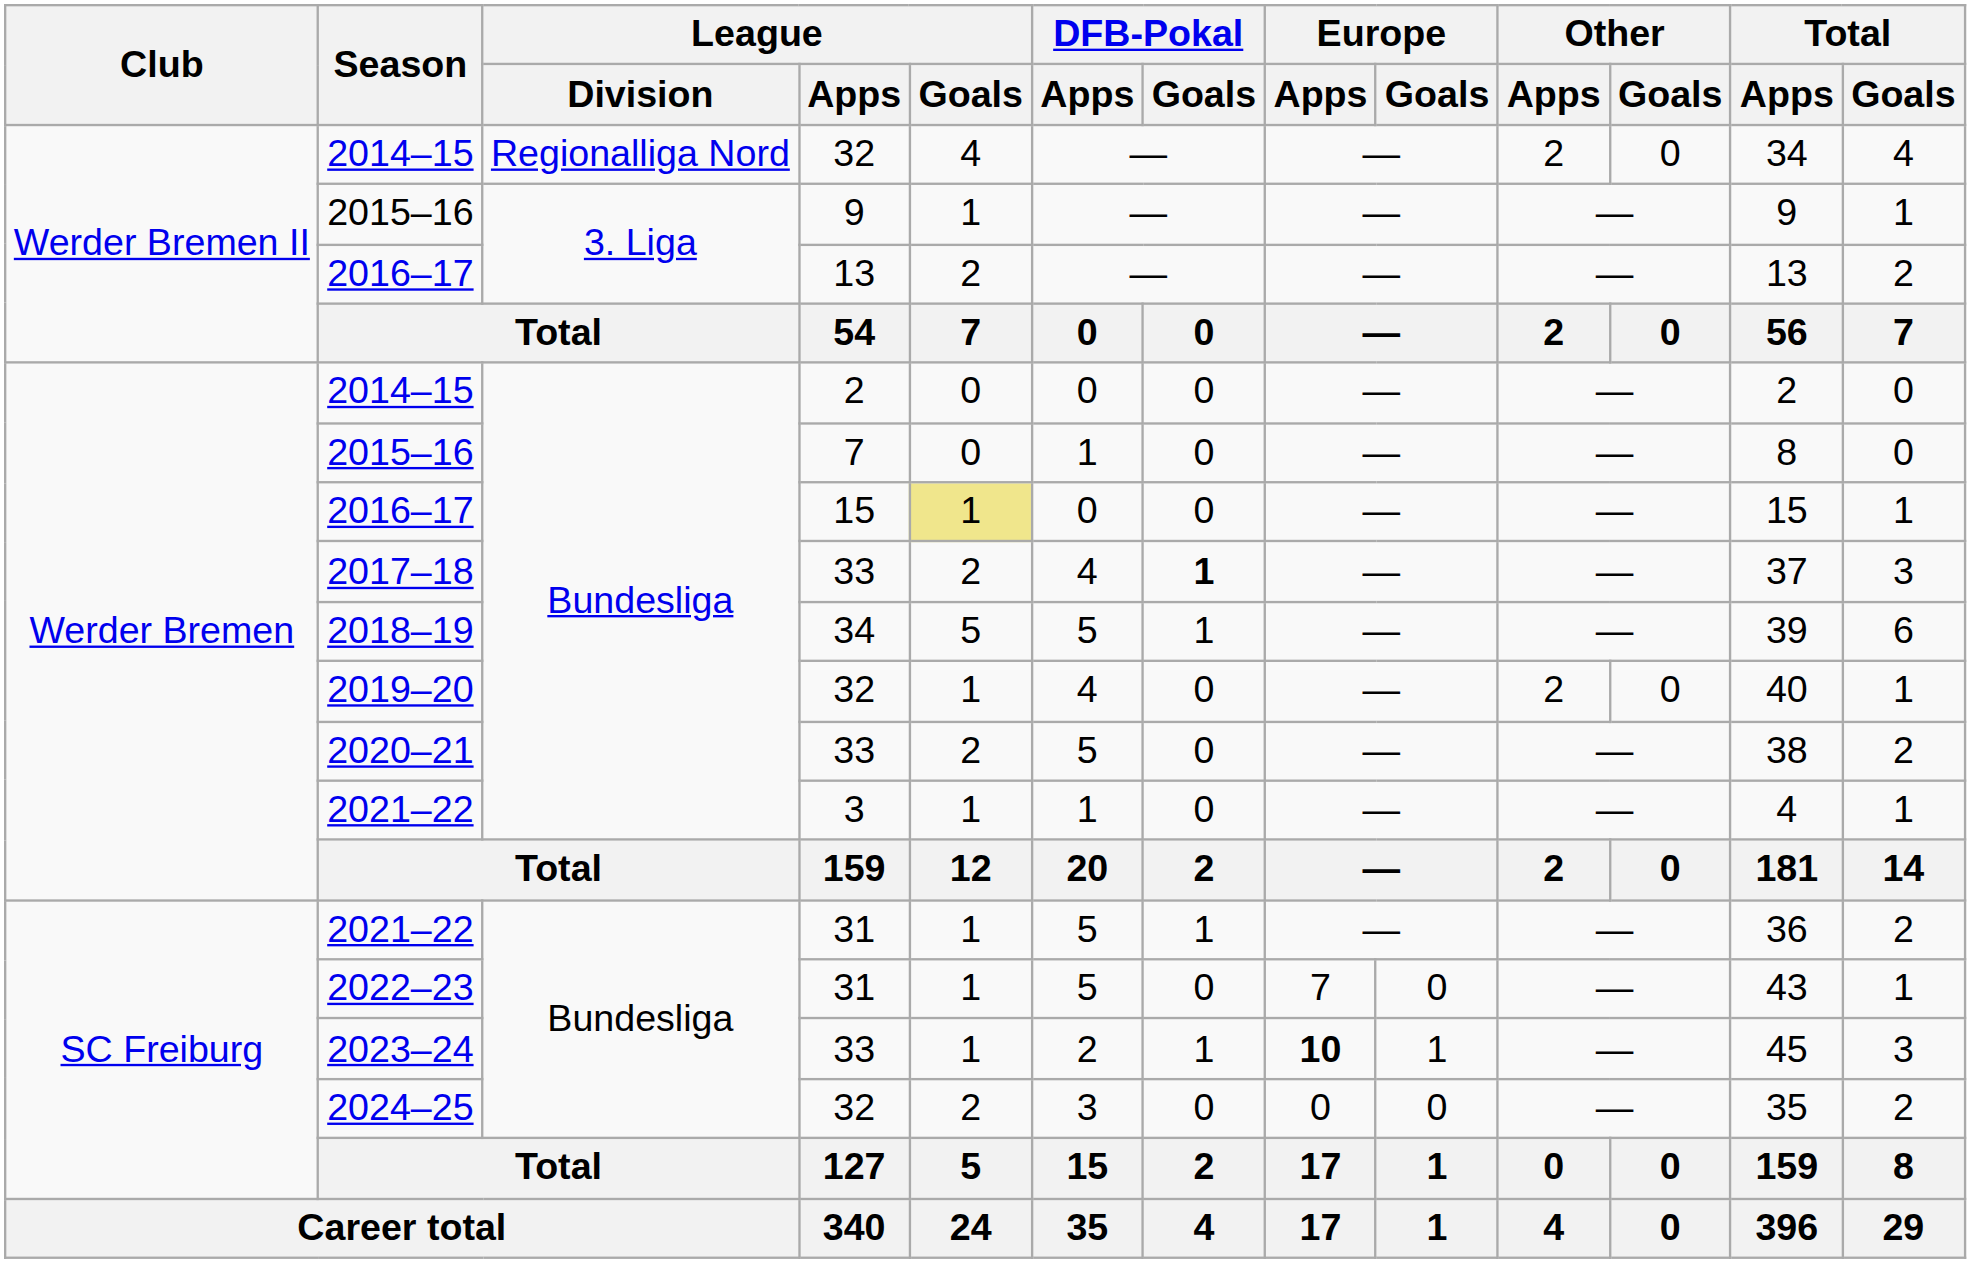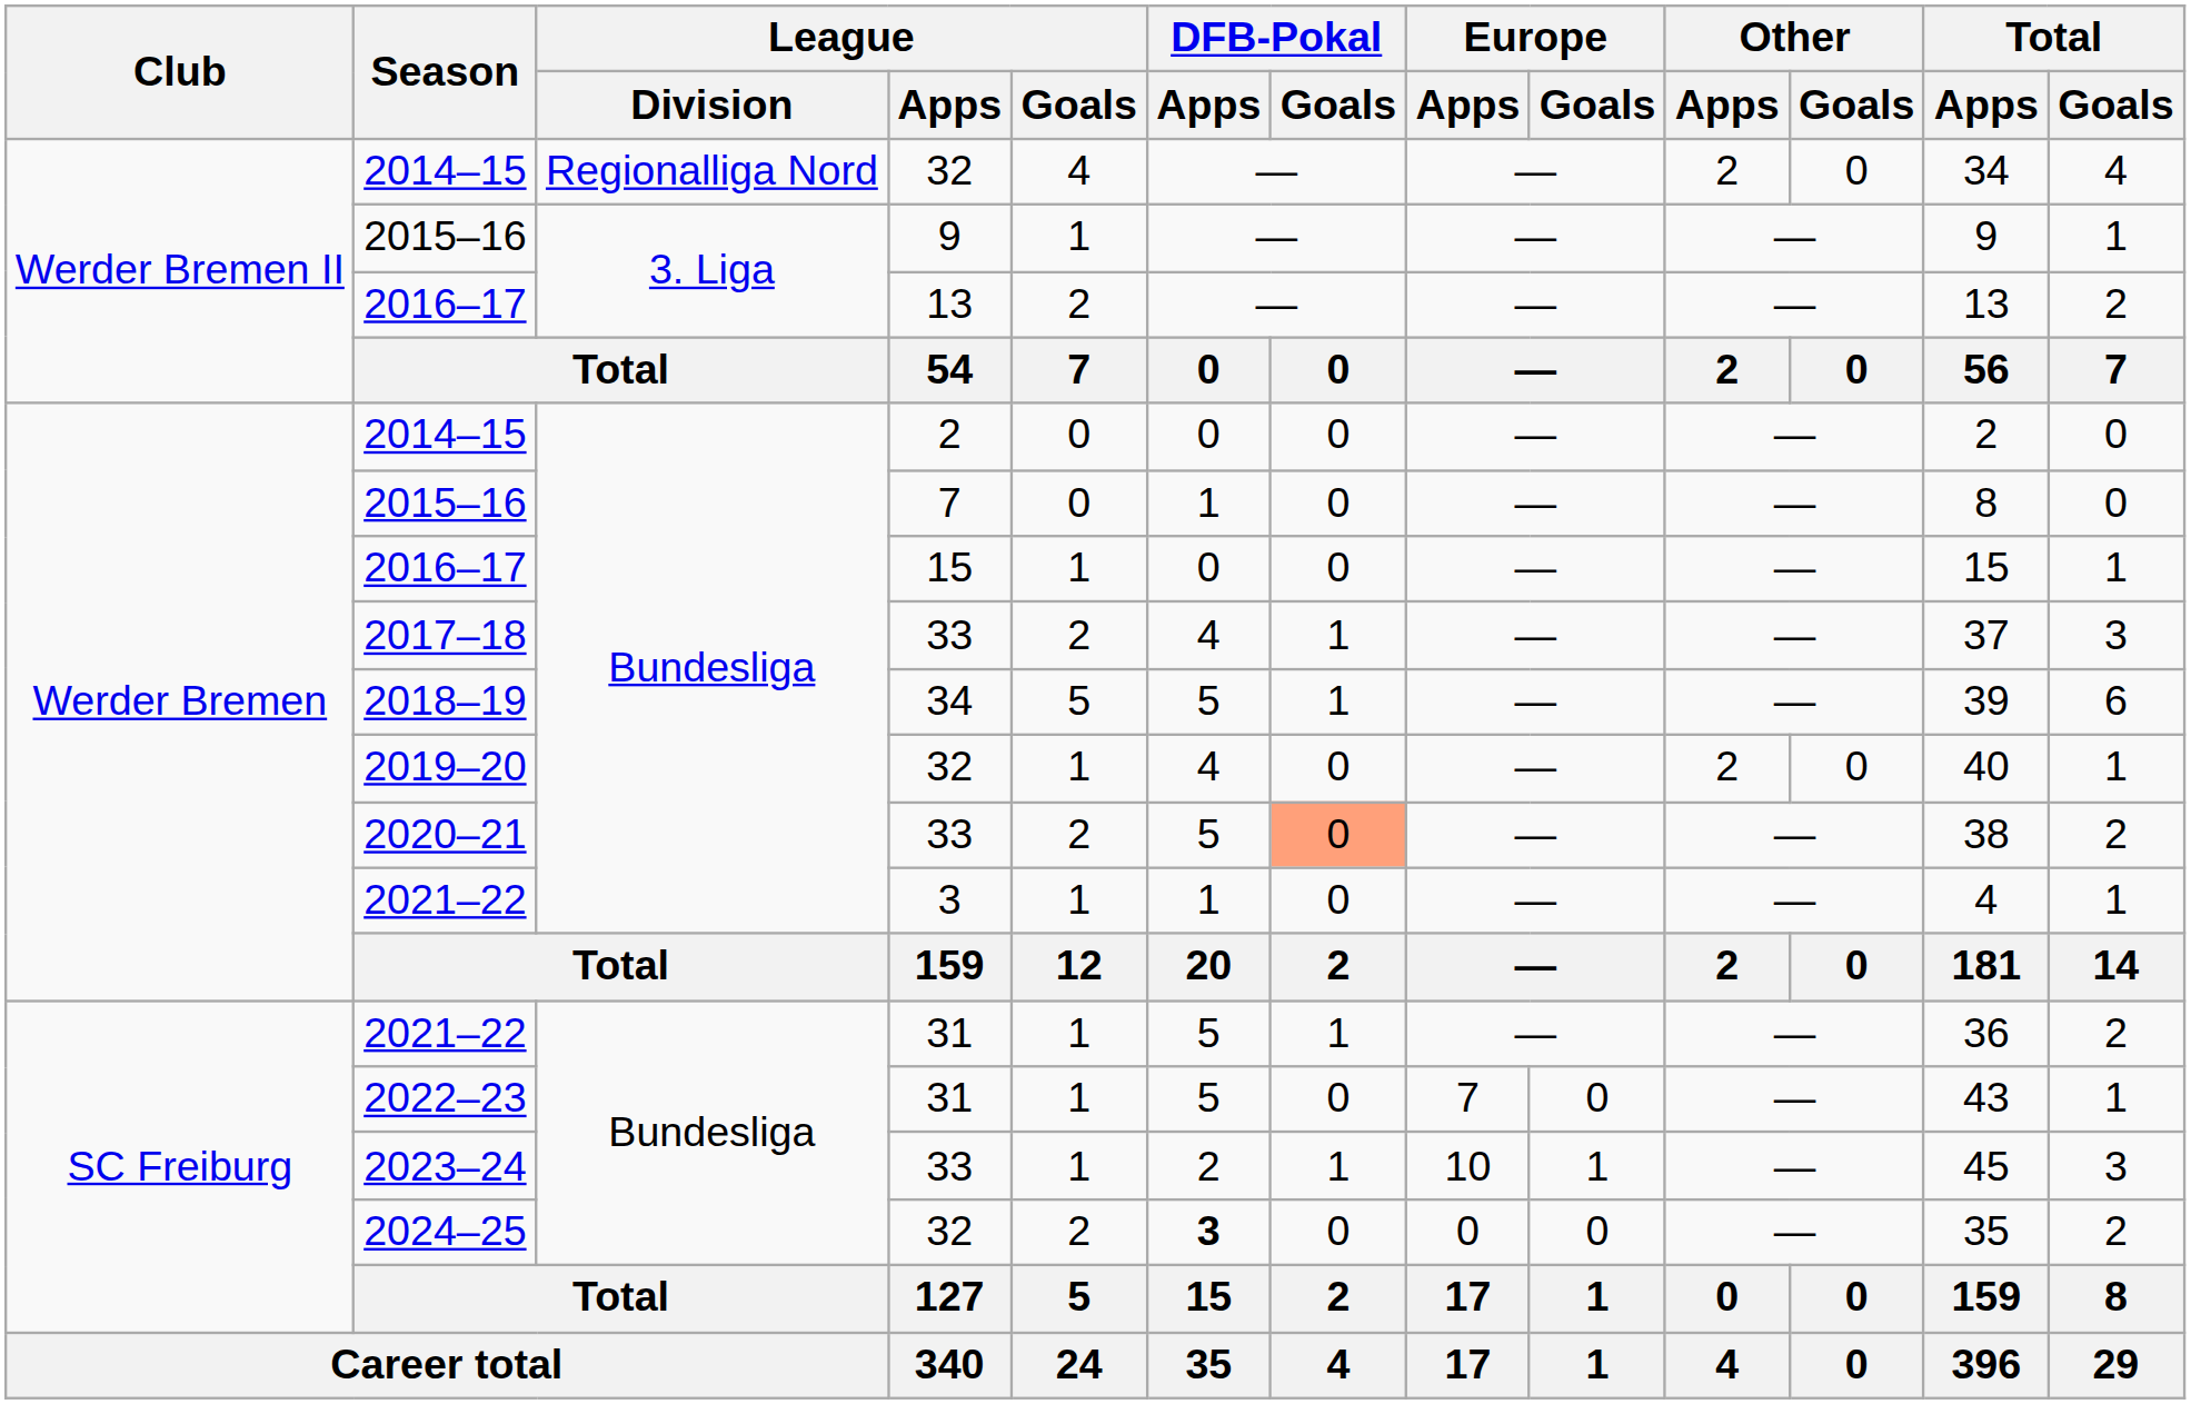 <table class="wikitable" style="text-align: center">
 <tr>
 <th rowspan="2">Club</th>
 <th rowspan="2">Season</th>
 <th colspan="3">League</th>
 <th colspan="2"><a href='#'>DFB-Pokal</a></th>
 <th colspan="2">Europe</th>
 <th colspan="2">Other</th>
 <th colspan="2">Total</th>
 </tr>
 <tr>
 <th>Division</th>
 <th>Apps</th>
 <th>Goals</th>
 <th>Apps</th>
 <th>Goals</th>
 <th>Apps</th>
 <th>Goals</th>
 <th>Apps</th>
 <th>Goals</th>
 <th>Apps</th>
 <th>Goals</th>
 </tr>
 <tr>
 <td rowspan="4"><a href='#'>Werder Bremen II</a></td>
 <td><a href='#'>2014–15</a></td>
 <td><a href='#'>Regionalliga Nord</a></td>
 <td>32</td>
 <td>4</td>
 <td colspan="2">—</td>
 <td colspan="2">—</td>
 <td>2</td>
 <td>0</td>
 <td>34</td>
 <td>4</td>
 </tr>
 <tr>
 <td>2015–16</td>
 <td rowspan="2"><a href='#'>3. Liga</a></td>
 <td>9</td>
 <td>1</td>
 <td colspan="2">—</td>
 <td colspan="2">—</td>
 <td colspan="2">—</td>
 <td>9</td>
 <td>1</td>
 </tr>
 <tr>
 <td><a href='#'>2016–17</a></td>
 <td>13</td>
 <td>2</td>
 <td colspan="2">—</td>
 <td colspan="2">—</td>
 <td colspan="2">—</td>
 <td>13</td>
 <td>2</td>
 </tr>
 <tr>
 <th colspan="2">Total</th>
 <th>54</th>
 <th>7</th>
 <th>0</th>
 <th>0</th>
 <th colspan="2">—</th>
 <th>2</th>
 <th>0</th>
 <th>56</th>
 <th>7</th>
 </tr>
 <tr>
 <td rowspan="9"><a href='#'>Werder Bremen</a></td>
 <td><a href='#'>2014–15</a></td>
 <td rowspan="8"><a href='#'>Bundesliga</a></td>
 <td>2</td>
 <td>0</td>
 <td>0</td>
 <td>0</td>
 <td colspan="2">—</td>
 <td colspan="2">—</td>
 <td>2</td>
 <td>0</td>
 </tr>
 <tr>
 <td><a href='#'>2015–16</a></td>
 <td>7</td>
 <td>0</td>
 <td>1</td>
 <td>0</td>
 <td colspan="2">—</td>
 <td colspan="2">—</td>
 <td>8</td>
 <td>0</td>
 </tr>
 <tr>
 <td><a href='#'>2016–17</a></td>
 <td>15</td>
-<td style="background: khaki;">1</td>
+<td>1</td>
 <td>0</td>
 <td>0</td>
 <td colspan="2">—</td>
 <td colspan="2">—</td>
 <td>15</td>
 <td>1</td>
 </tr>
 <tr>
 <td><a href='#'>2017–18</a></td>
 <td>33</td>
 <td>2</td>
 <td>4</td>
-<td><strong>1</strong></td>
+<td>1</td>
 <td colspan="2">—</td>
 <td colspan="2">—</td>
 <td>37</td>
 <td>3</td>
 </tr>
 <tr>
 <td><a href='#'>2018–19</a></td>
 <td>34</td>
 <td>5</td>
 <td>5</td>
 <td>1</td>
 <td colspan="2">—</td>
 <td colspan="2">—</td>
 <td>39</td>
 <td>6</td>
 </tr>
 <tr>
 <td><a href='#'>2019–20</a></td>
 <td>32</td>
 <td>1</td>
 <td>4</td>
 <td>0</td>
 <td colspan="2">—</td>
 <td>2</td>
 <td>0</td>
 <td>40</td>
 <td>1</td>
 </tr>
 <tr>
 <td><a href='#'>2020–21</a></td>
 <td>33</td>
 <td>2</td>
 <td>5</td>
-<td>0</td>
+<td style="background: lightsalmon;">0</td>
 <td colspan="2">—</td>
 <td colspan="2">—</td>
 <td>38</td>
 <td>2</td>
 </tr>
 <tr>
 <td><a href='#'>2021–22</a></td>
 <td>3</td>
 <td>1</td>
 <td>1</td>
 <td>0</td>
 <td colspan="2">—</td>
 <td colspan="2">—</td>
 <td>4</td>
 <td>1</td>
 </tr>
 <tr>
 <th colspan="2">Total</th>
 <th>159</th>
 <th>12</th>
 <th>20</th>
 <th>2</th>
 <th colspan="2">—</th>
 <th>2</th>
 <th>0</th>
 <th>181</th>
 <th>14</th>
 </tr>
 <tr>
 <td rowspan="5"><a href='#'>SC Freiburg</a></td>
 <td><a href='#'>2021–22</a></td>
 <td rowspan="4">Bundesliga</td>
 <td>31</td>
 <td>1</td>
 <td>5</td>
 <td>1</td>
 <td colspan="2">—</td>
 <td colspan="2">—</td>
 <td>36</td>
 <td>2</td>
 </tr>
 <tr>
 <td><a href='#'>2022–23</a></td>
 <td>31</td>
 <td>1</td>
 <td>5</td>
 <td>0</td>
 <td>7</td>
 <td>0</td>
 <td colspan="2">—</td>
 <td>43</td>
 <td>1</td>
 </tr>
 <tr>
 <td><a href='#'>2023–24</a></td>
 <td>33</td>
 <td>1</td>
 <td>2</td>
 <td>1</td>
-<td><strong>10</strong></td>
+<td>10</td>
 <td>1</td>
 <td colspan="2">—</td>
 <td>45</td>
 <td>3</td>
 </tr>
 <tr>
 <td><a href='#'>2024–25</a></td>
 <td>32</td>
 <td>2</td>
-<td>3</td>
+<td><strong>3</strong></td>
 <td>0</td>
 <td>0</td>
 <td>0</td>
 <td colspan="2">—</td>
 <td>35</td>
 <td>2</td>
 </tr>
 <tr>
 <th colspan="2">Total</th>
 <th>127</th>
 <th>5</th>
 <th>15</th>
 <th>2</th>
 <th>17</th>
 <th>1</th>
 <th>0</th>
 <th>0</th>
 <th>159</th>
 <th>8</th>
 </tr>
 <tr>
 <th colspan="3">Career total</th>
 <th>340</th>
 <th>24</th>
 <th>35</th>
 <th>4</th>
 <th>17</th>
 <th>1</th>
 <th>4</th>
 <th>0</th>
 <th>396</th>
 <th>29</th>
 </tr>
 </table>
